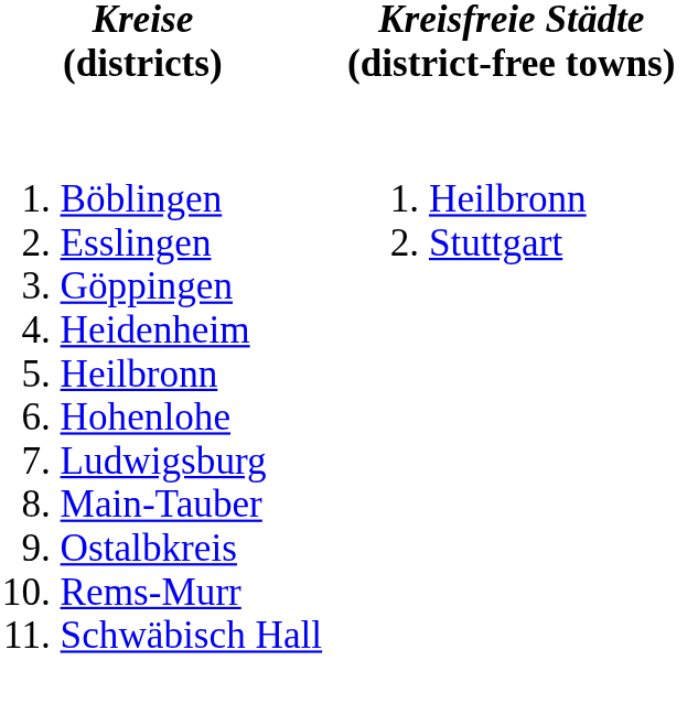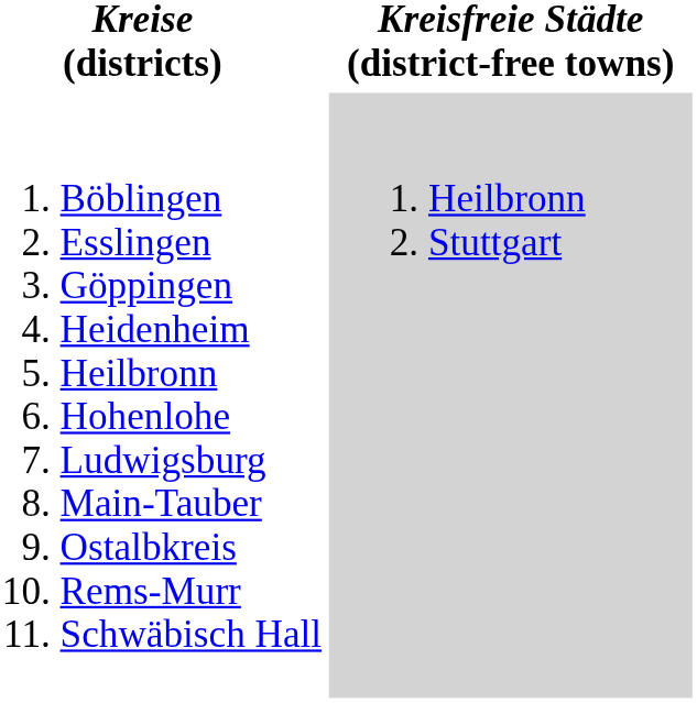 <table>
 <tr>
 <th width=50%><em>Kreise</em><br>(districts)</th>
 <th width=50%><em>Kreisfreie Städte</em><br>(district-free towns)</th>
 </tr>
 <tr valign=top>
 <td><br><ol><li><a href='#'>Böblingen</a></li><li><a href='#'>Esslingen</a></li><li><a href='#'>Göppingen</a></li><li><a href='#'>Heidenheim</a></li><li><a href='#'>Heilbronn</a></li><li><a href='#'>Hohenlohe</a></li><li><a href='#'>Ludwigsburg</a></li><li><a href='#'>Main-Tauber</a></li><li><a href='#'>Ostalbkreis</a></li><li><a href='#'>Rems-Murr</a></li><li><a href='#'>Schwäbisch Hall</a></li></ol></td>
-<td><br><ol><li><a href='#'>Heilbronn</a></li><li><a href='#'>Stuttgart</a></li></ol></td>
+<td style="background: lightgrey;"><br><ol><li><a href='#'>Heilbronn</a></li><li><a href='#'>Stuttgart</a></li></ol></td>
 </tr>
 </table>
